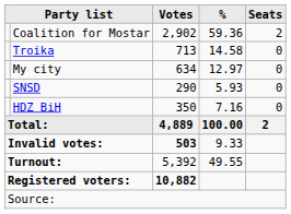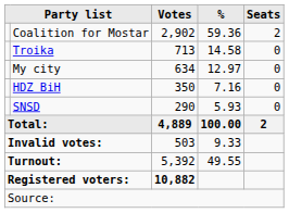 <table class="wikitable" border="1">
 <tr>
 <th colspan="2" align="center" style="background-color:#E9E9E9">Party list</th>
 <th align="center" style="background-color:#E9E9E9">Votes</th>
 <th align="center" style="background-color:#E9E9E9">%</th>
 <th align="center" style="background-color:#E9E9E9">Seats</th>
 </tr>
 <tr>
 <td></td>
 <td align="left">Coalition for Mostar</td>
 <td align="right">2,902</td>
 <td align="right">59.36</td>
 <td align="right">2</td>
 </tr>
 <tr>
 <td></td>
 <td align="left"><a href='#'>Troika</a></td>
 <td align="right">713</td>
 <td align="right">14.58</td>
 <td align="right">0</td>
 </tr>
 <tr>
 <td></td>
 <td align="left">My city</td>
 <td align="right">634</td>
 <td align="right">12.97</td>
 <td align="right">0</td>
 </tr>
 <tr>
 <td></td>
-<td align="left"><a href='#'>SNSD</a></td>
-<td align="right">290</td>
-<td align="right">5.93</td>
+<td align="left"><a href='#'>HDZ BiH</a></td>
+<td align="right">350</td>
+<td align="right">7.16</td>
 <td align="right">0</td>
 </tr>
 <tr>
 <td></td>
-<td align="left"><a href='#'>HDZ BiH</a></td>
-<td align="right">350</td>
-<td align="right">7.16</td>
+<td align="left"><a href='#'>SNSD</a></td>
+<td align="right">290</td>
+<td align="right">5.93</td>
 <td align="right">0</td>
 </tr>
 <tr style="background-color:#E9E9E9">
 <td colspan="2" align="left"><strong>Total:</strong></td>
 <th align="right">4,889</th>
 <th align="right">100.00</th>
 <th align="right">2</th>
 </tr>
 <tr>
 <td colspan="2" align="left"><strong>Invalid votes:</strong></td>
-<td align="right"><strong>503</strong></td>
+<td align="right">503</td>
 <td align="right">9.33</td>
 <td align="right"></td>
 </tr>
 <tr>
 <td colspan="2" align="left"><strong>Turnout:</strong></td>
 <td align="right">5,392</td>
 <td align="right">49.55</td>
 <td align="right"></td>
 </tr>
 <tr>
 <td colspan="2" align="left"><strong>Registered voters:</strong></td>
 <td align="right"><strong>10,882</strong></td>
 <td align="right"></td>
 <td align="right"></td>
 </tr>
 <tr>
 <td colspan="5" align="left">Source: </td>
 </tr>
 </table>
